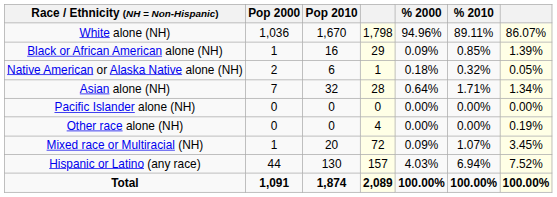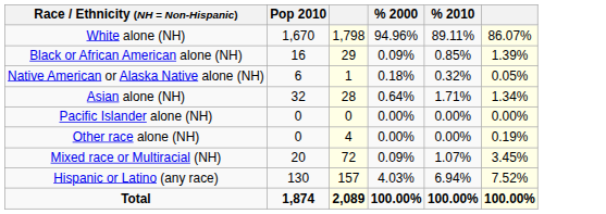 <table class="wikitable" style="text-align:center;">
 <tr>
 <th>Race / Ethnicity <small>(<em>NH = Non-Hispanic</em>)</small></th>
-<th>Pop 2000</th>
 <th>Pop 2010</th>
 <th></th>
 <th>% 2000</th>
 <th>% 2010</th>
 <th></th>
 </tr>
 <tr>
 <td><a href='#'>White</a> alone (NH)</td>
-<td>1,036</td>
 <td>1,670</td>
 <td style='background: #ffffe6;'>1,798</td>
 <td>94.96%</td>
 <td>89.11%</td>
 <td style='background: #ffffe6;'>86.07%</td>
 </tr>
 <tr>
 <td><a href='#'>Black or African American</a> alone (NH)</td>
-<td>1</td>
 <td>16</td>
 <td style='background: #ffffe6;'>29</td>
 <td>0.09%</td>
 <td>0.85%</td>
 <td style='background: #ffffe6;'>1.39%</td>
 </tr>
 <tr>
 <td><a href='#'>Native American</a> or <a href='#'>Alaska Native</a> alone (NH)</td>
-<td>2</td>
 <td>6</td>
 <td style='background: #ffffe6;'>1</td>
 <td>0.18%</td>
 <td>0.32%</td>
 <td style='background: #ffffe6;'>0.05%</td>
 </tr>
 <tr>
 <td><a href='#'>Asian</a> alone (NH)</td>
-<td>7</td>
 <td>32</td>
 <td style='background: #ffffe6;'>28</td>
 <td>0.64%</td>
 <td>1.71%</td>
 <td style='background: #ffffe6;'>1.34%</td>
 </tr>
 <tr>
 <td><a href='#'>Pacific Islander</a> alone (NH)</td>
 <td>0</td>
-<td>0</td>
 <td style='background: #ffffe6;'>0</td>
 <td>0.00%</td>
 <td>0.00%</td>
 <td style='background: #ffffe6;'>0.00%</td>
 </tr>
 <tr>
 <td><a href='#'>Other race</a> alone (NH)</td>
 <td>0</td>
-<td>0</td>
 <td style='background: #ffffe6;'>4</td>
 <td>0.00%</td>
 <td>0.00%</td>
 <td style='background: #ffffe6;'>0.19%</td>
 </tr>
 <tr>
 <td><a href='#'>Mixed race or Multiracial</a> (NH)</td>
-<td>1</td>
 <td>20</td>
 <td style='background: #ffffe6;'>72</td>
 <td>0.09%</td>
 <td>1.07%</td>
 <td style='background: #ffffe6;'>3.45%</td>
 </tr>
 <tr>
 <td><a href='#'>Hispanic or Latino</a> (any race)</td>
-<td>44</td>
 <td>130</td>
 <td style='background: #ffffe6;'>157</td>
 <td>4.03%</td>
 <td>6.94%</td>
 <td style='background: #ffffe6;'>7.52%</td>
 </tr>
 <tr>
 <td><strong>Total</strong></td>
-<td><strong>1,091</strong></td>
 <td><strong>1,874</strong></td>
 <td style='background: #ffffe6;'><strong>2,089</strong></td>
 <td><strong>100.00%</strong></td>
 <td><strong>100.00%</strong></td>
 <td style='background: #ffffe6;'><strong>100.00%</strong></td>
 </tr>
 </table>
